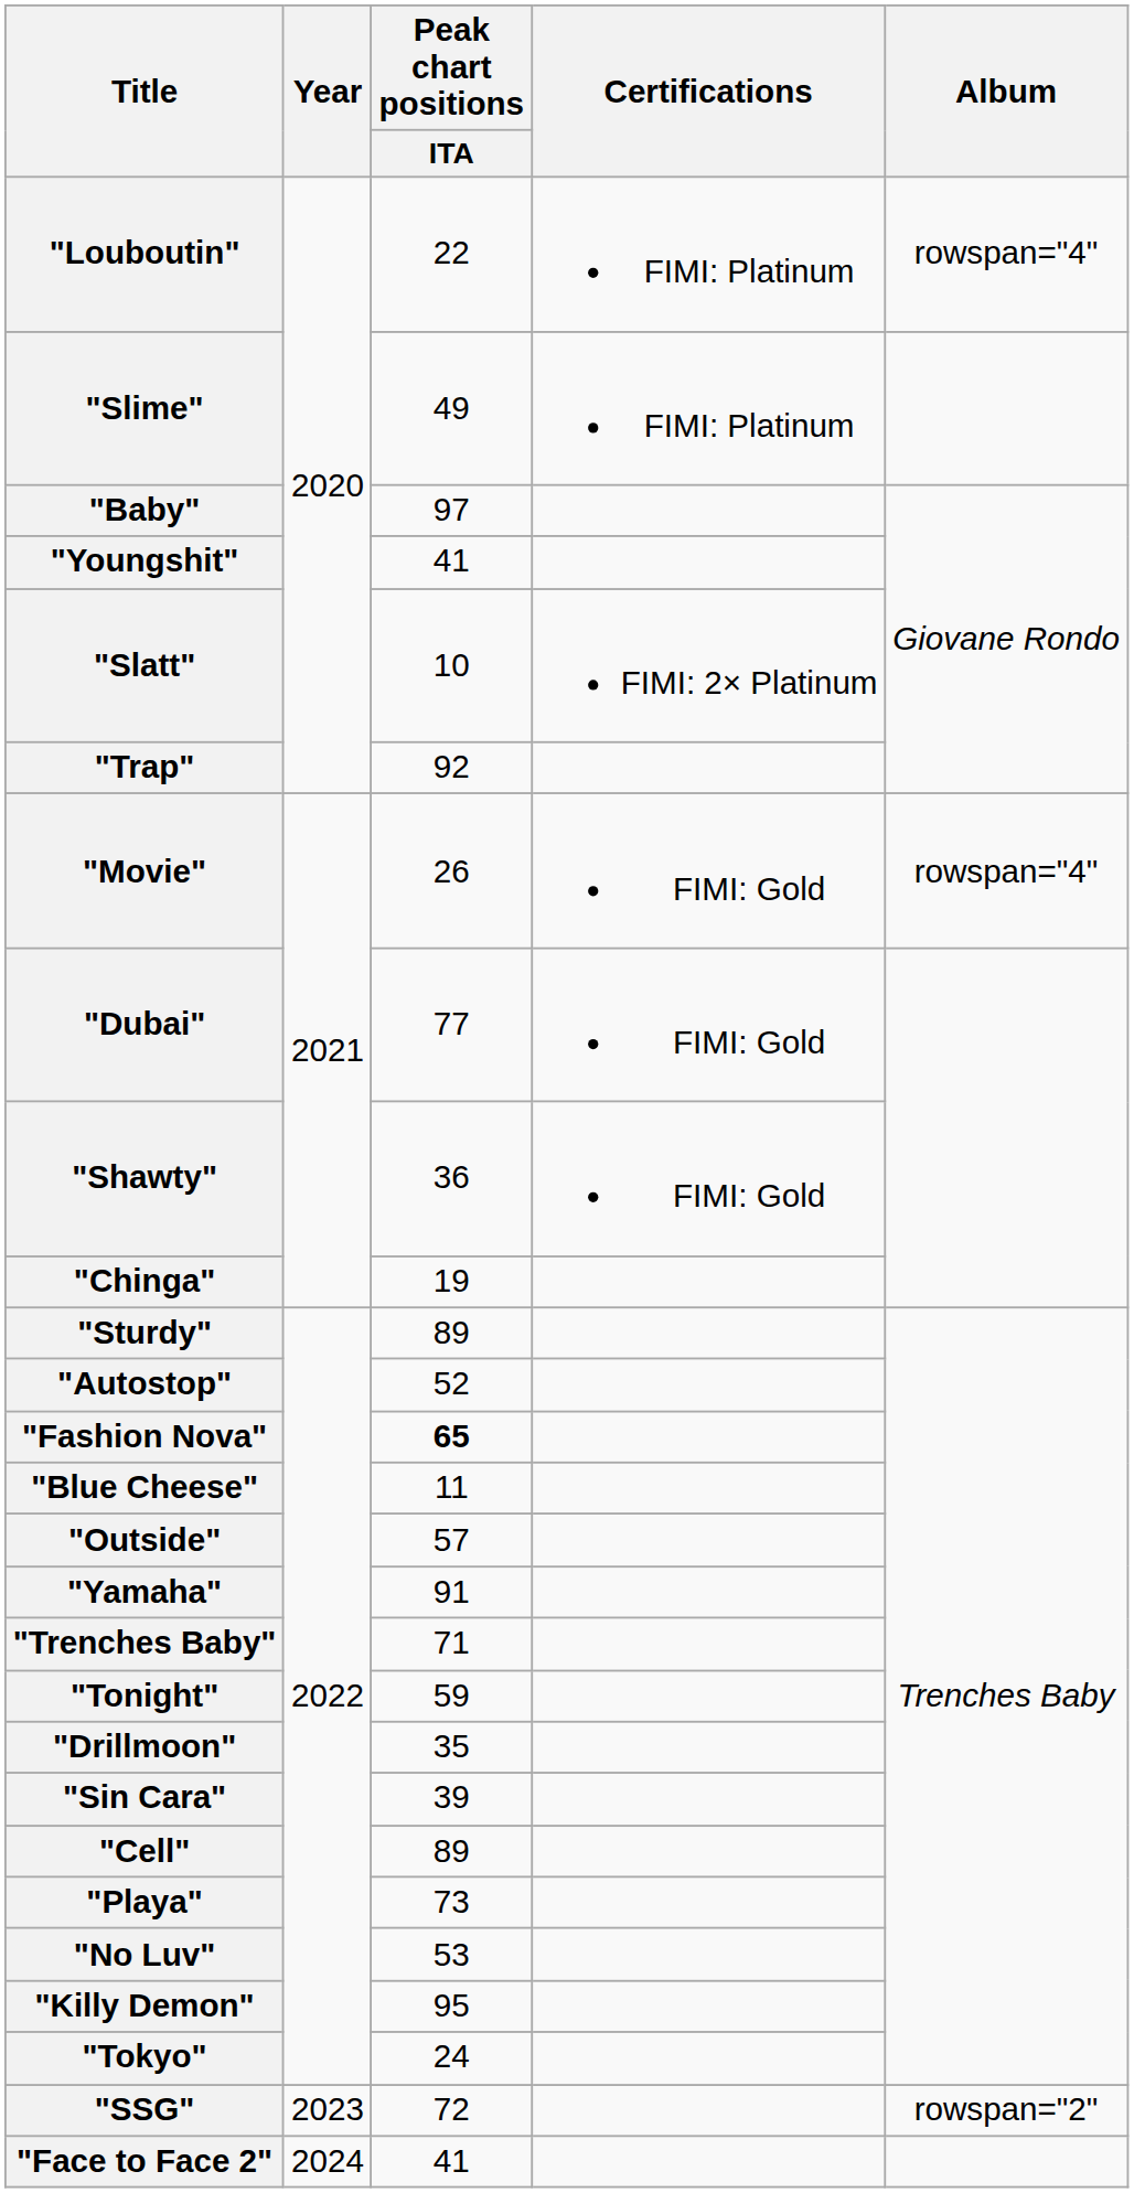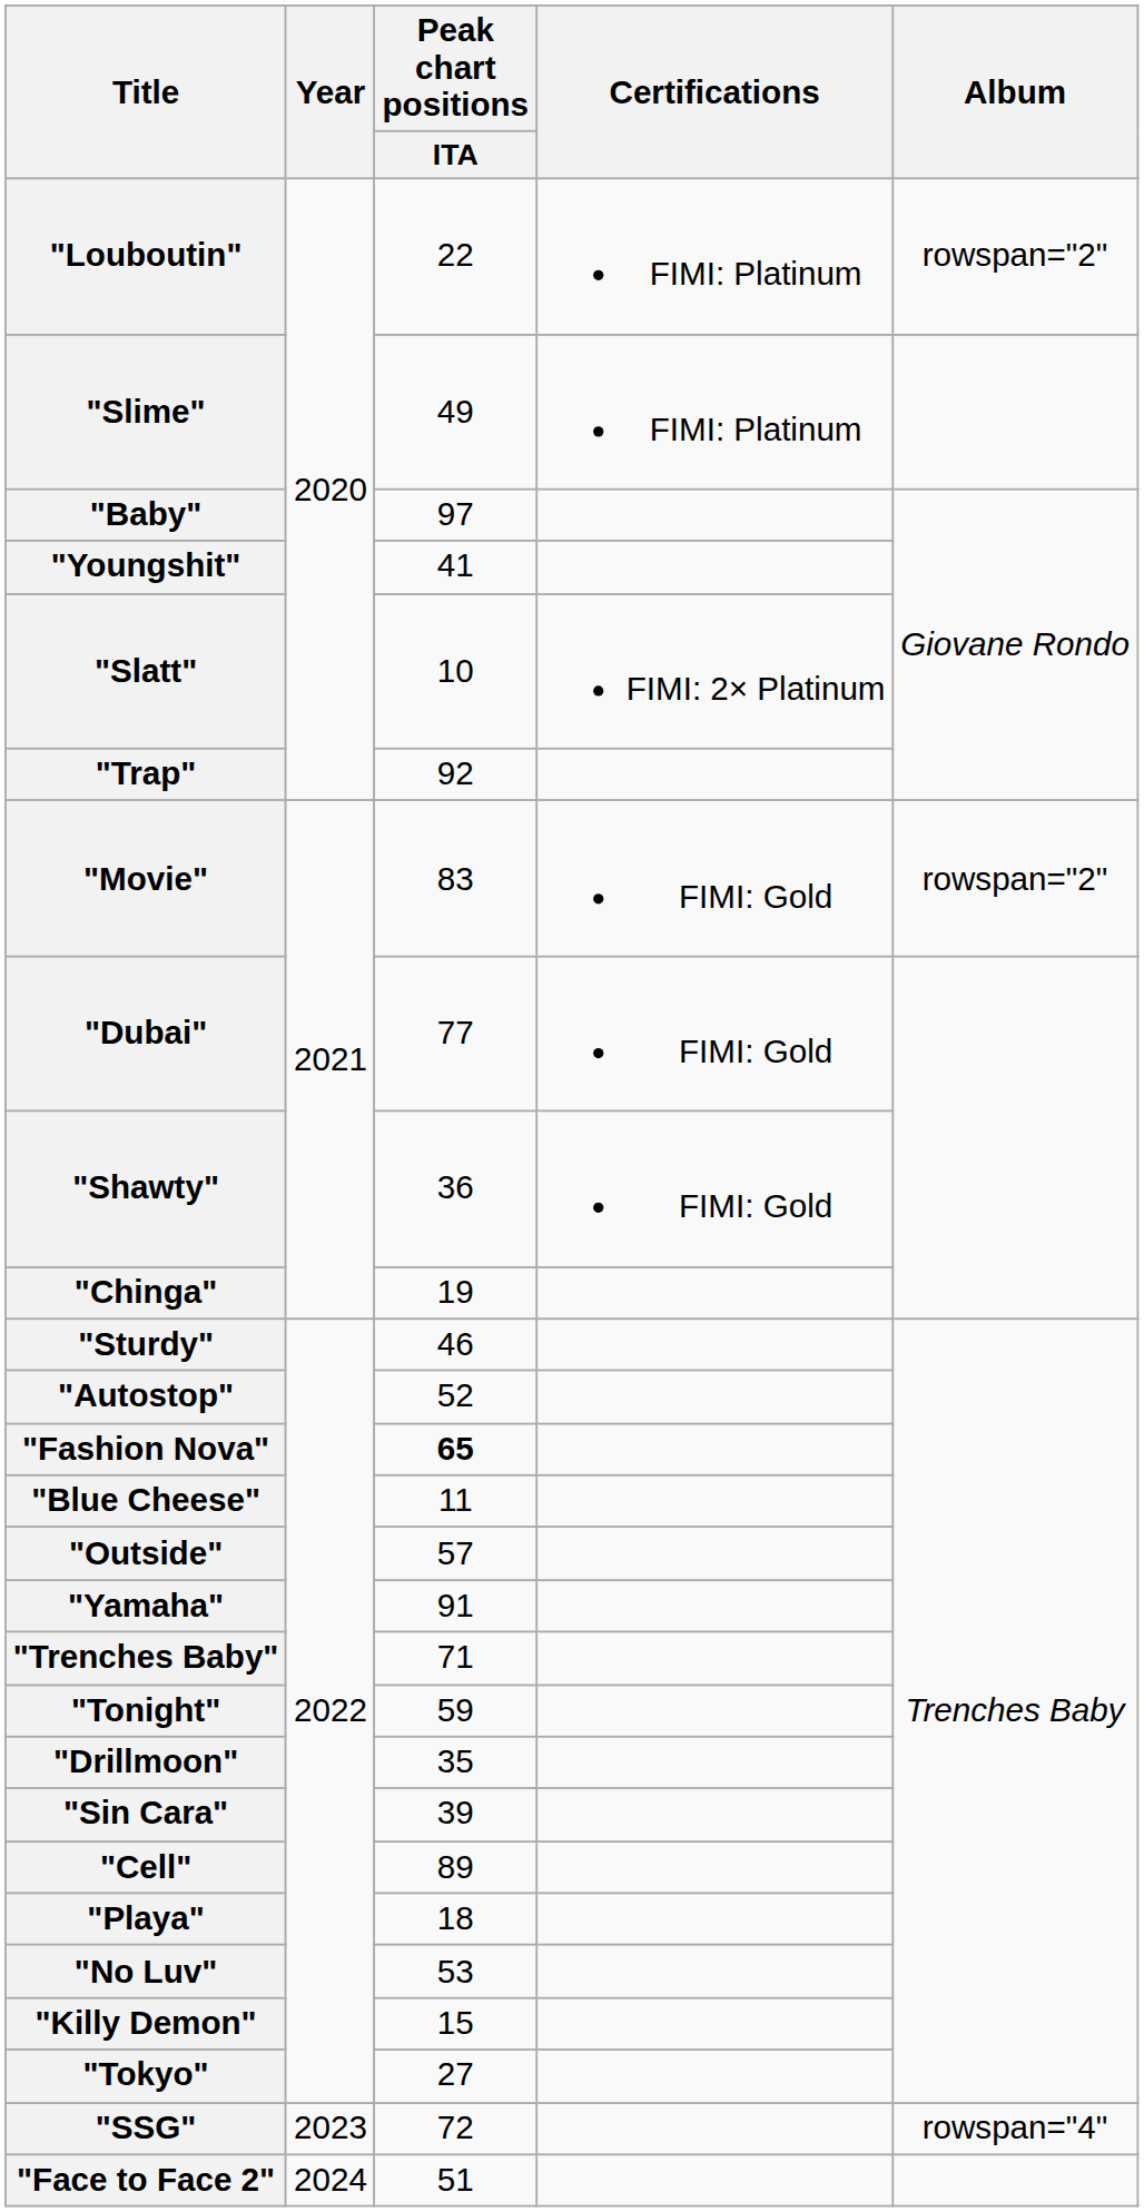 <table class="wikitable plainrowheaders" style="text-align:center;">
 <tr>
 <th scope="col" rowspan="2">Title</th>
 <th scope="col" rowspan="2">Year</th>
 <th scope="col" colspan="1">Peak chart positions</th>
 <th scope="col" rowspan="2">Certifications</th>
 <th scope="col" rowspan="2">Album</th>
 </tr>
 <tr>
 <th scope="col" style="width:3em;font-size:90%;">ITA<br></th>
 </tr>
 <tr>
 <th scope="row">"Louboutin"<br></th>
 <td rowspan="6">2020</td>
 <td>22</td>
 <td><br><ul><li>FIMI: Platinum</li></ul></td>
-<td>rowspan="4" </td>
+<td>rowspan="2" </td>
 </tr>
 <tr>
 <th scope="row">"Slime"<br></th>
 <td>49</td>
 <td><br><ul><li>FIMI: Platinum</li></ul></td>
 </tr>
 <tr>
 <th scope="row">"Baby"</th>
 <td>97</td>
 <td></td>
 <td rowspan="4"><em>Giovane Rondo</em></td>
 </tr>
 <tr>
 <th scope="row">"Youngshit"<br></th>
 <td>41</td>
 <td></td>
 </tr>
 <tr>
 <th scope="row">"Slatt"<br></th>
 <td>10</td>
 <td><br><ul><li>FIMI: 2× Platinum</li></ul></td>
 </tr>
 <tr>
 <th scope="row">"Trap"</th>
 <td>92</td>
 <td></td>
 </tr>
 <tr>
 <th scope="row">"Movie"<br></th>
 <td rowspan="4">2021</td>
-<td>26</td>
+<td>83</td>
 <td><br><ul><li>FIMI: Gold</li></ul></td>
-<td>rowspan="4" </td>
+<td>rowspan="2" </td>
 </tr>
 <tr>
 <th scope="row">"Dubai"<br></th>
 <td>77</td>
 <td><br><ul><li>FIMI: Gold</li></ul></td>
 </tr>
 <tr>
 <th scope="row">"Shawty"<br></th>
 <td>36</td>
 <td><br><ul><li>FIMI: Gold</li></ul></td>
 </tr>
 <tr>
 <th scope="row">"Chinga"<br></th>
 <td>19</td>
 <td></td>
 </tr>
 <tr>
 <th scope="row">"Sturdy"<br></th>
 <td rowspan="15">2022</td>
-<td>89</td>
+<td>46</td>
 <td></td>
 <td rowspan="15"><em>Trenches Baby</em></td>
 </tr>
 <tr>
 <th scope="row">"Autostop"</th>
 <td>52</td>
 <td></td>
 </tr>
 <tr>
 <th scope="row">"Fashion Nova"</th>
 <td><strong>65</strong></td>
 <td></td>
 </tr>
 <tr>
 <th scope="row">"Blue Cheese"<br></th>
 <td>11</td>
 <td></td>
 </tr>
 <tr>
 <th scope="row">"Outside"<br></th>
 <td>57</td>
 <td></td>
 </tr>
 <tr>
 <th scope="row">"Yamaha"<br></th>
 <td>91</td>
 <td></td>
 </tr>
 <tr>
 <th scope="row">"Trenches Baby"<br></th>
 <td>71</td>
 <td></td>
 </tr>
 <tr>
 <th scope="row">"Tonight"<br></th>
 <td>59</td>
 <td></td>
 </tr>
 <tr>
 <th scope="row">"Drillmoon"<br></th>
 <td>35</td>
 <td></td>
 </tr>
 <tr>
 <th scope="row">"Sin Cara"<br></th>
 <td>39</td>
 <td></td>
 </tr>
 <tr>
 <th scope="row">"Cell"<br></th>
 <td>89</td>
 <td></td>
 </tr>
 <tr>
 <th scope="row">"Playa"<br></th>
-<td>73</td>
+<td>18</td>
 <td></td>
 </tr>
 <tr>
 <th scope="row">"No Luv"<br></th>
 <td>53</td>
 <td></td>
 </tr>
 <tr>
 <th scope="row">"Killy Demon"<br></th>
-<td>95</td>
+<td>15</td>
 <td></td>
 </tr>
 <tr>
 <th scope="row">"Tokyo"<br></th>
-<td>24</td>
+<td>27</td>
 <td></td>
 </tr>
 <tr>
 <th scope="row">"SSG"</th>
 <td>2023</td>
 <td>72<br></td>
 <td></td>
-<td>rowspan="2" </td>
+<td>rowspan="4" </td>
 </tr>
 <tr>
 <th scope="row">"Face to Face 2"</th>
 <td>2024</td>
-<td>41<br></td>
+<td>51<br></td>
 <td></td>
 </tr>
 </table>
